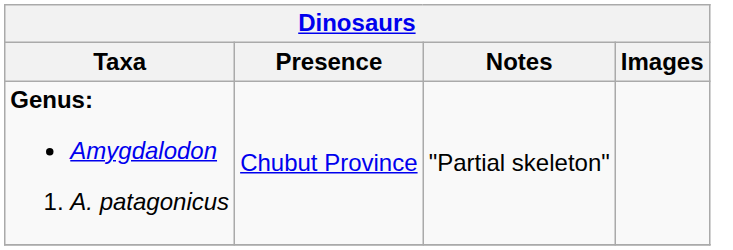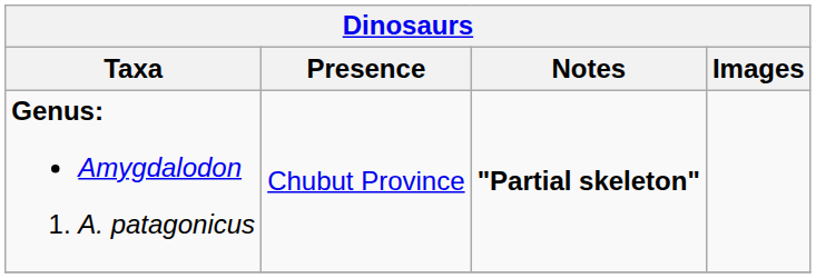 <table class="wikitable" align="center">
 <tr>
 <th colspan="5" align="center"><strong><a href='#'>Dinosaurs</a></strong></th>
 </tr>
 <tr>
 <th>Taxa</th>
 <th>Presence</th>
 <th>Notes</th>
 <th>Images</th>
 </tr>
 <tr>
 <td><strong>Genus:</strong><br><ul><li><em><a href='#'>Amygdalodon</a></em></li></ul><ol><li><em>A. patagonicus</em></li></ol></td>
 <td><a href='#'>Chubut Province</a></td>
-<td>"Partial skeleton"</td>
+<td><strong>"Partial skeleton"</strong></td>
 <td></td>
 </tr>
 <tr>
 </tr>
 </table>
